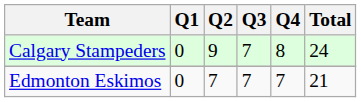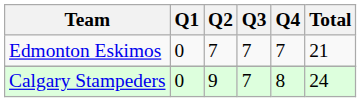 <table class="wikitable">
 <tr>
 <th>Team</th>
 <th>Q1</th>
 <th>Q2</th>
 <th>Q3</th>
 <th>Q4</th>
 <th>Total</th>
 </tr>
+<tr>
+<td><a href='#'>Edmonton Eskimos</a></td>
+<td>0</td>
+<td>7</td>
+<td>7</td>
+<td>7</td>
+<td>21</td>
+</tr>
+<tr>
+</tr>
 <tr style="background-color:#DDFFDD">
 <td><a href='#'>Calgary Stampeders</a></td>
 <td>0</td>
 <td>9</td>
 <td>7</td>
 <td>8</td>
 <td>24</td>
 </tr>
-<tr>
-</tr>
-<tr>
-<td><a href='#'>Edmonton Eskimos</a></td>
-<td>0</td>
-<td>7</td>
-<td>7</td>
-<td>7</td>
-<td>21</td>
-</tr>
 </table>
